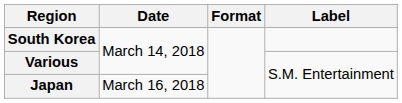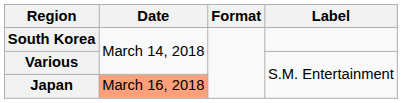 <table class="wikitable plainrowheaders">
 <tr>
 <th>Region</th>
 <th>Date</th>
 <th>Format</th>
 <th>Label</th>
 </tr>
 <tr>
 <th scope="row">South Korea</th>
 <td rowspan="2">March 14, 2018</td>
 <td rowspan="3"></td>
 <td></td>
 </tr>
 <tr>
 <th scope="row">Various</th>
 <td rowspan="2">S.M. Entertainment</td>
 </tr>
 <tr>
 <th scope="row">Japan</th>
-<td>March 16, 2018</td>
+<td style="background: lightsalmon;">March 16, 2018</td>
 </tr>
 </table>
